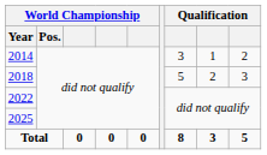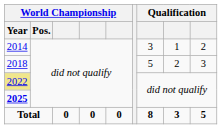 <table class="wikitable" style="text-align: center;font-size:90%;">
 <tr>
 <th colspan=5><a href='#'>World Championship</a></th>
 <th rowspan=7></th>
 <th colspan=3>Qualification</th>
 </tr>
 <tr>
 <th>Year</th>
 <th>Pos.</th>
 <th width=30></th>
 <th width=30></th>
 <th width=30></th>
 <th width=30></th>
 <th width=30></th>
 <th width=30></th>
 </tr>
 <tr>
 <td> <a href='#'>2014</a></td>
 <td colspan=4 rowspan=4><em>did not qualify</em></td>
 <td>3</td>
 <td>1</td>
 <td>2</td>
 </tr>
 <tr>
 <td>  <a href='#'>2018</a></td>
 <td>5</td>
 <td>2</td>
 <td>3</td>
 </tr>
 <tr>
-<td>  <a href='#'>2022</a></td>
+<td style="background: khaki;">  <a href='#'>2022</a></td>
 <td colspan=3 rowspan=2><em>did not qualify</em></td>
 </tr>
 <tr>
-<td> <a href='#'>2025</a></td>
+<td><strong> <a href='#'>2025</a></strong></td>
 </tr>
 <tr>
 <td colspan=2><strong>Total</strong></td>
 <td><strong>0</strong></td>
 <td><strong>0</strong></td>
 <td><strong>0</strong></td>
 <td><strong>8</strong></td>
 <td><strong>3</strong></td>
 <td><strong>5</strong></td>
 </tr>
 </table>
